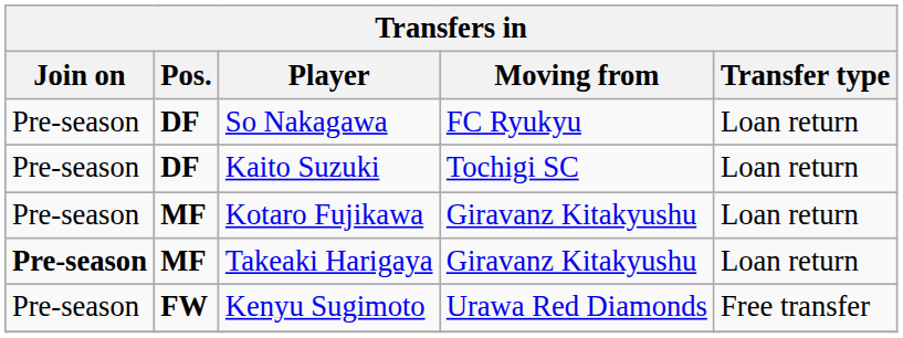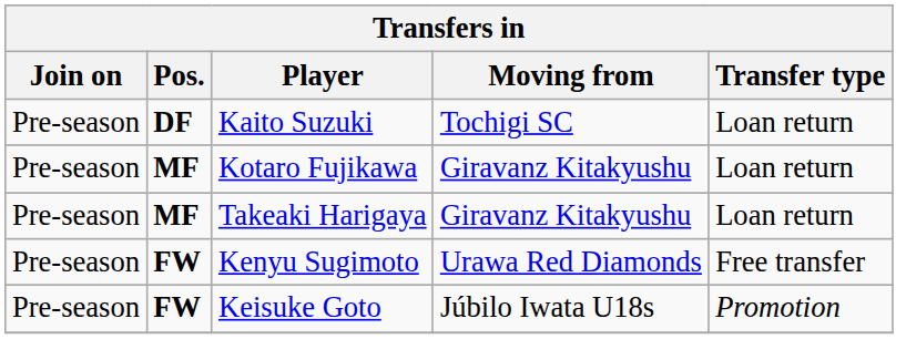 <table class="wikitable sortable" style=“text-align:left;>
 <tr>
 <th colspan="5">Transfers in</th>
 </tr>
 <tr>
 <th>Join on</th>
 <th>Pos.</th>
 <th>Player</th>
 <th>Moving from</th>
 <th>Transfer type</th>
-</tr>
-<tr>
-<td>Pre-season</td>
-<td><strong>DF</strong></td>
-<td> <a href='#'>So Nakagawa</a></td>
-<td> <a href='#'>FC Ryukyu</a></td>
-<td>Loan return</td>
 </tr>
 <tr>
 <td>Pre-season</td>
 <td><strong>DF</strong></td>
 <td> <a href='#'>Kaito Suzuki</a></td>
 <td> <a href='#'>Tochigi SC</a></td>
 <td>Loan return</td>
 </tr>
 <tr>
 <td>Pre-season</td>
 <td><strong>MF</strong></td>
 <td> <a href='#'>Kotaro Fujikawa</a></td>
 <td> <a href='#'>Giravanz Kitakyushu</a></td>
 <td>Loan return</td>
 </tr>
 <tr>
-<td><strong>Pre-season</strong></td>
+<td>Pre-season</td>
 <td><strong>MF</strong></td>
 <td> <a href='#'>Takeaki Harigaya</a></td>
 <td> <a href='#'>Giravanz Kitakyushu</a></td>
 <td>Loan return</td>
 </tr>
 <tr>
 <td>Pre-season</td>
 <td><strong>FW</strong></td>
 <td> <a href='#'>Kenyu Sugimoto</a></td>
 <td> <a href='#'>Urawa Red Diamonds</a></td>
 <td>Free transfer</td>
 </tr>
 <tr>
+<td>Pre-season</td>
+<td><strong>FW</strong></td>
+<td> <a href='#'>Keisuke Goto</a></td>
+<td>Júbilo Iwata U18s</td>
+<td><em>Promotion</em></td>
+</tr>
+<tr>
 </tr>
 </table>
